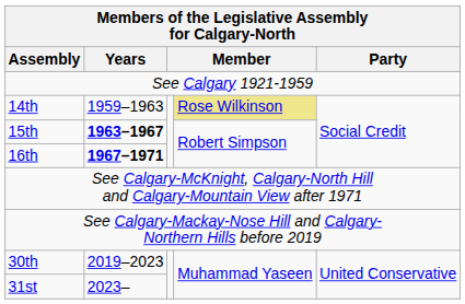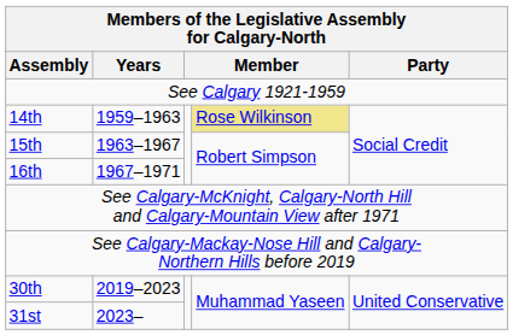 <table class="wikitable" align=right>
 <tr>
 <th colspan=5>Members of the Legislative Assembly <br>for Calgary-North</th>
 </tr>
 <tr>
 <th>Assembly</th>
 <th>Years</th>
 <th colspan="2">Member</th>
 <th>Party</th>
 </tr>
 <tr>
 <td align="center" colspan=5><em>See <a href='#'>Calgary</a> 1921-1959</em></td>
 </tr>
 <tr>
 <td><a href='#'>14th</a></td>
 <td><a href='#'>1959</a>–1963</td>
 <td rowspan=3 ></td>
 <td style="background: khaki;"><a href='#'>Rose Wilkinson</a></td>
 <td rowspan=3><a href='#'>Social Credit</a></td>
 </tr>
 <tr>
 <td><a href='#'>15th</a></td>
-<td><strong><a href='#'>1963</a>–1967</strong></td>
+<td><a href='#'>1963</a>–1967</td>
 <td rowspan=2><a href='#'>Robert Simpson</a></td>
 </tr>
 <tr>
 <td><a href='#'>16th</a></td>
-<td><strong><a href='#'>1967</a>–1971</strong></td>
+<td><a href='#'>1967</a>–1971</td>
 </tr>
 <tr>
 <td colspan=5 align=center><em>See <a href='#'>Calgary-McKnight</a>, <a href='#'>Calgary-North Hill</a><br>and <a href='#'>Calgary-Mountain View</a> after 1971</em></td>
 </tr>
 <tr>
 <td colspan=5 align=center><em>See <a href='#'>Calgary-Mackay-Nose Hill</a> and <a href='#'>Calgary-<br>Northern Hills</a> before 2019</em></td>
 </tr>
 <tr>
 <td><a href='#'>30th</a></td>
 <td><a href='#'>2019</a>–2023</td>
 <td rowspan=2 ></td>
 <td rowspan=2><a href='#'>Muhammad Yaseen</a></td>
 <td rowspan=2><a href='#'>United Conservative</a></td>
 </tr>
 <tr>
 <td><a href='#'>31st</a></td>
 <td><a href='#'>2023</a>–</td>
 </tr>
 </table>
